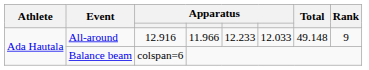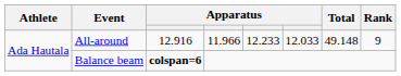 <table class="wikitable" style="font-size:90%">
 <tr>
 <th rowspan=2>Athlete</th>
 <th rowspan=2>Event</th>
 <th colspan=4>Apparatus</th>
 <th rowspan=2>Total</th>
 <th rowspan=2>Rank</th>
 </tr>
 <tr style="font-size:95%">
 <th></th>
 <th></th>
 <th></th>
 <th></th>
 </tr>
 <tr align=center>
 <td align=left rowspan=4><a href='#'>Ada Hautala</a></td>
 <td align=left><a href='#'>All-around</a></td>
 <td>12.916</td>
 <td>11.966</td>
 <td>12.233</td>
 <td>12.033</td>
 <td>49.148</td>
 <td>9</td>
 </tr>
 <tr align=center>
 <td align=left><a href='#'>Balance beam</a></td>
-<td>colspan=6 </td>
+<td><strong>colspan=6 </strong></td>
 </tr>
 </table>
